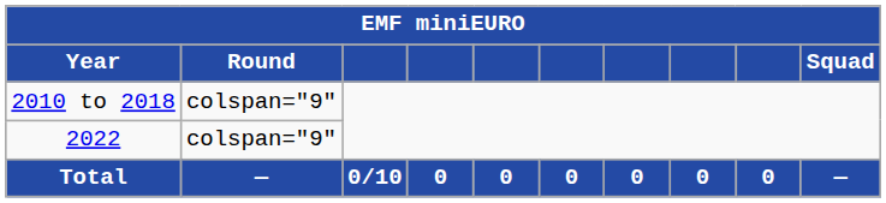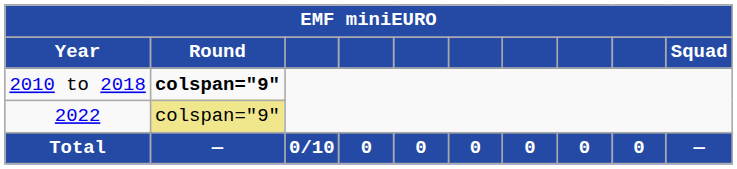 <table class="wikitable" style="text-align: center;font-size:90%;">
 <tr>
 <th colspan="10" style="background:#244AA5; color:white; ">EMF miniEURO</th>
 </tr>
 <tr>
 <th style="background:#244AA5; color:white; ">Year</th>
 <th style="background:#244AA5; color:white; ">Round</th>
 <th width="28" style="background:#244AA5; color:white; "></th>
 <th width="28" style="background:#244AA5; color:white; "></th>
 <th width="28" style="background:#244AA5; color:white; "></th>
 <th width="28" style="background:#244AA5; color:white; "></th>
 <th width="28" style="background:#244AA5; color:white; "></th>
 <th width="28" style="background:#244AA5; color:white; "></th>
 <th width="28" style="background:#244AA5; color:white; "></th>
 <th style="background:#244AA5; color:white; ">Squad</th>
 </tr>
 <tr>
 <td> <a href='#'>2010</a> to  <a href='#'>2018</a></td>
-<td>colspan="9" </td>
+<td><strong>colspan="9" </strong></td>
 </tr>
 <tr>
 <td> <a href='#'>2022</a></td>
-<td>colspan="9" </td>
+<td style="background: khaki;">colspan="9" </td>
 </tr>
 <tr>
 <th style="background:#244AA5; color:white; ">Total</th>
 <th style="background:#244AA5; color:white; ">—</th>
 <th style="background:#244AA5; color:white; ">0/10</th>
 <th style="background:#244AA5; color:white; ">0</th>
 <th style="background:#244AA5; color:white; ">0</th>
 <th style="background:#244AA5; color:white; ">0</th>
 <th style="background:#244AA5; color:white; ">0</th>
 <th style="background:#244AA5; color:white; ">0</th>
 <th style="background:#244AA5; color:white; ">0</th>
 <th style="background:#244AA5; color:white; ">—</th>
 </tr>
 </table>
